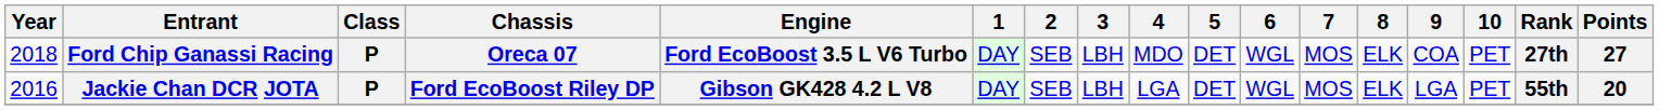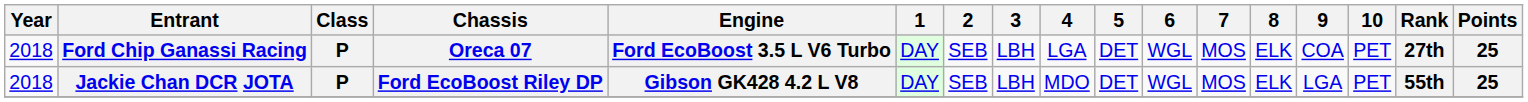 <table class="wikitable" style="text-align:center; font-size:85%">
 <tr>
 <th>Year</th>
 <th>Entrant</th>
 <th>Class</th>
 <th>Chassis</th>
 <th>Engine</th>
 <th>1</th>
 <th>2</th>
 <th>3</th>
 <th>4</th>
 <th>5</th>
 <th>6</th>
 <th>7</th>
 <th>8</th>
 <th>9</th>
 <th>10</th>
 <th>Rank</th>
 <th>Points</th>
 </tr>
 <tr>
 <td><a href='#'>2018</a></td>
 <th nowrap><a href='#'>Ford Chip Ganassi Racing</a></th>
 <th>P</th>
 <th><a href='#'>Oreca 07</a></th>
 <th nowrap><a href='#'>Ford EcoBoost</a> 3.5 L V6 Turbo</th>
 <td style="background:#DFFFDF;"><a href='#'>DAY</a><br></td>
 <td><a href='#'>SEB</a></td>
 <td><a href='#'>LBH</a></td>
-<td><a href='#'>MDO</a></td>
+<td><a href='#'>LGA</a></td>
 <td><a href='#'>DET</a></td>
 <td><a href='#'>WGL</a></td>
 <td><a href='#'>MOS</a></td>
 <td><a href='#'>ELK</a></td>
 <td><a href='#'>COA</a></td>
 <td><a href='#'>PET</a></td>
 <th>27th</th>
-<th>27</th>
+<th>25</th>
 </tr>
 <tr>
-<td><a href='#'>2016</a></td>
+<td><a href='#'>2018</a></td>
 <th><a href='#'>Jackie Chan DCR</a> <a href='#'>JOTA</a></th>
 <th>P</th>
 <th nowrap><a href='#'>Ford EcoBoost Riley DP</a></th>
 <th><a href='#'>Gibson</a> GK428 4.2 L V8</th>
 <td style="background:#DFFFDF;"><a href='#'>DAY</a><br></td>
 <td><a href='#'>SEB</a></td>
 <td><a href='#'>LBH</a></td>
-<td><a href='#'>LGA</a></td>
+<td><a href='#'>MDO</a></td>
 <td><a href='#'>DET</a></td>
 <td><a href='#'>WGL</a></td>
 <td><a href='#'>MOS</a></td>
 <td><a href='#'>ELK</a></td>
 <td><a href='#'>LGA</a></td>
 <td><a href='#'>PET</a></td>
 <th>55th</th>
-<th>20</th>
+<th>25</th>
 </tr>
 <tr>
 </tr>
 </table>
